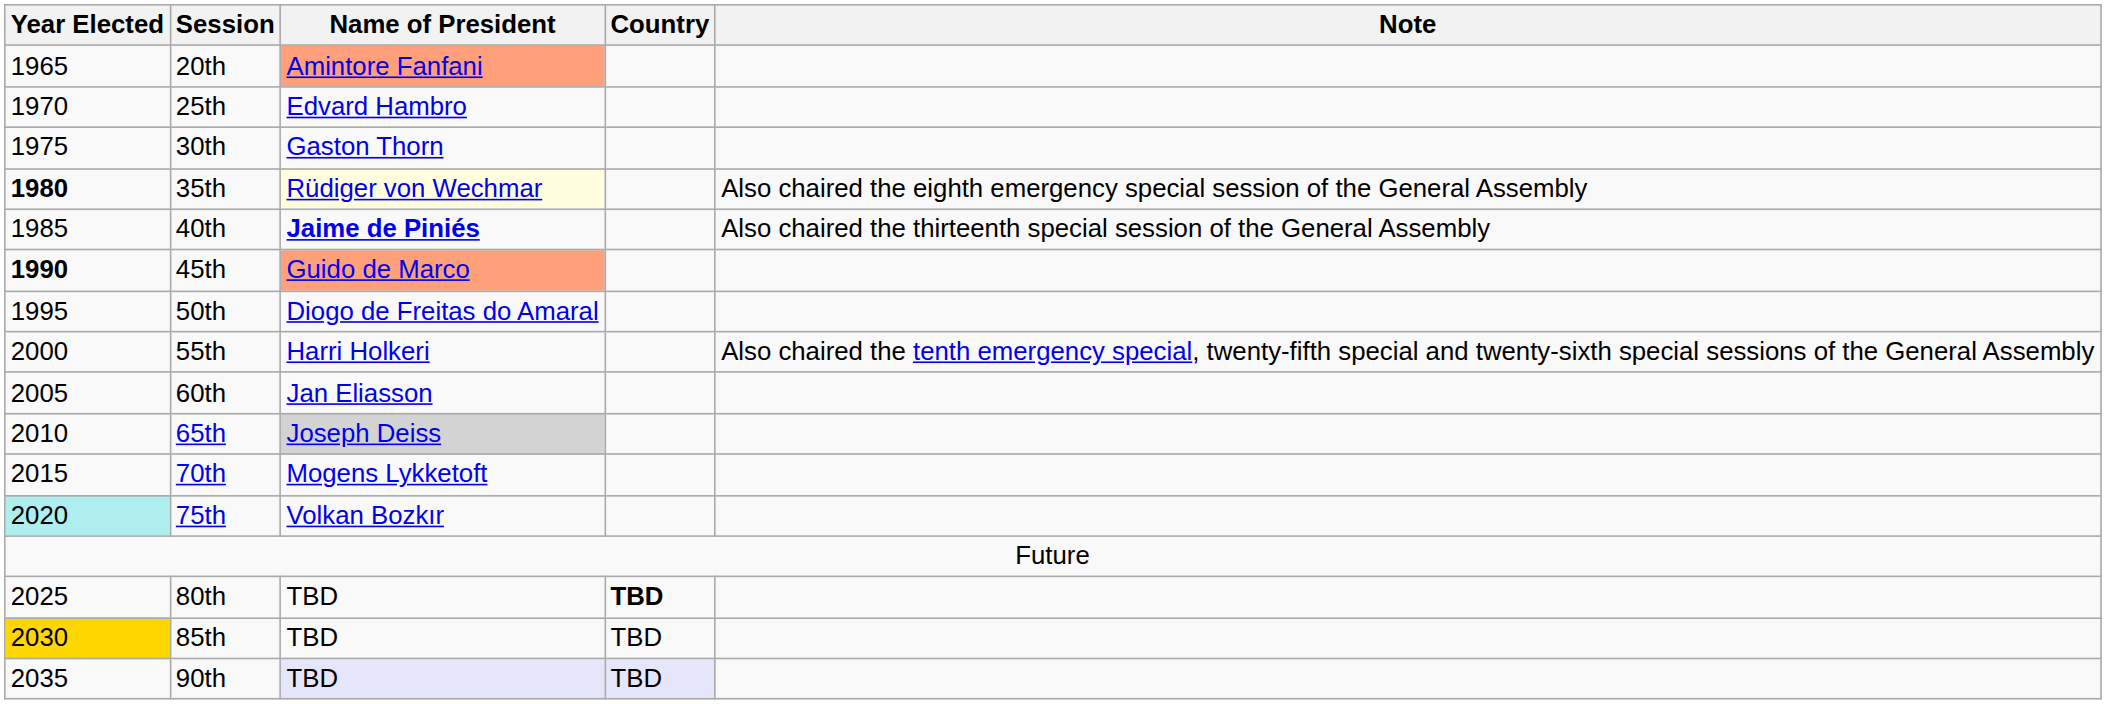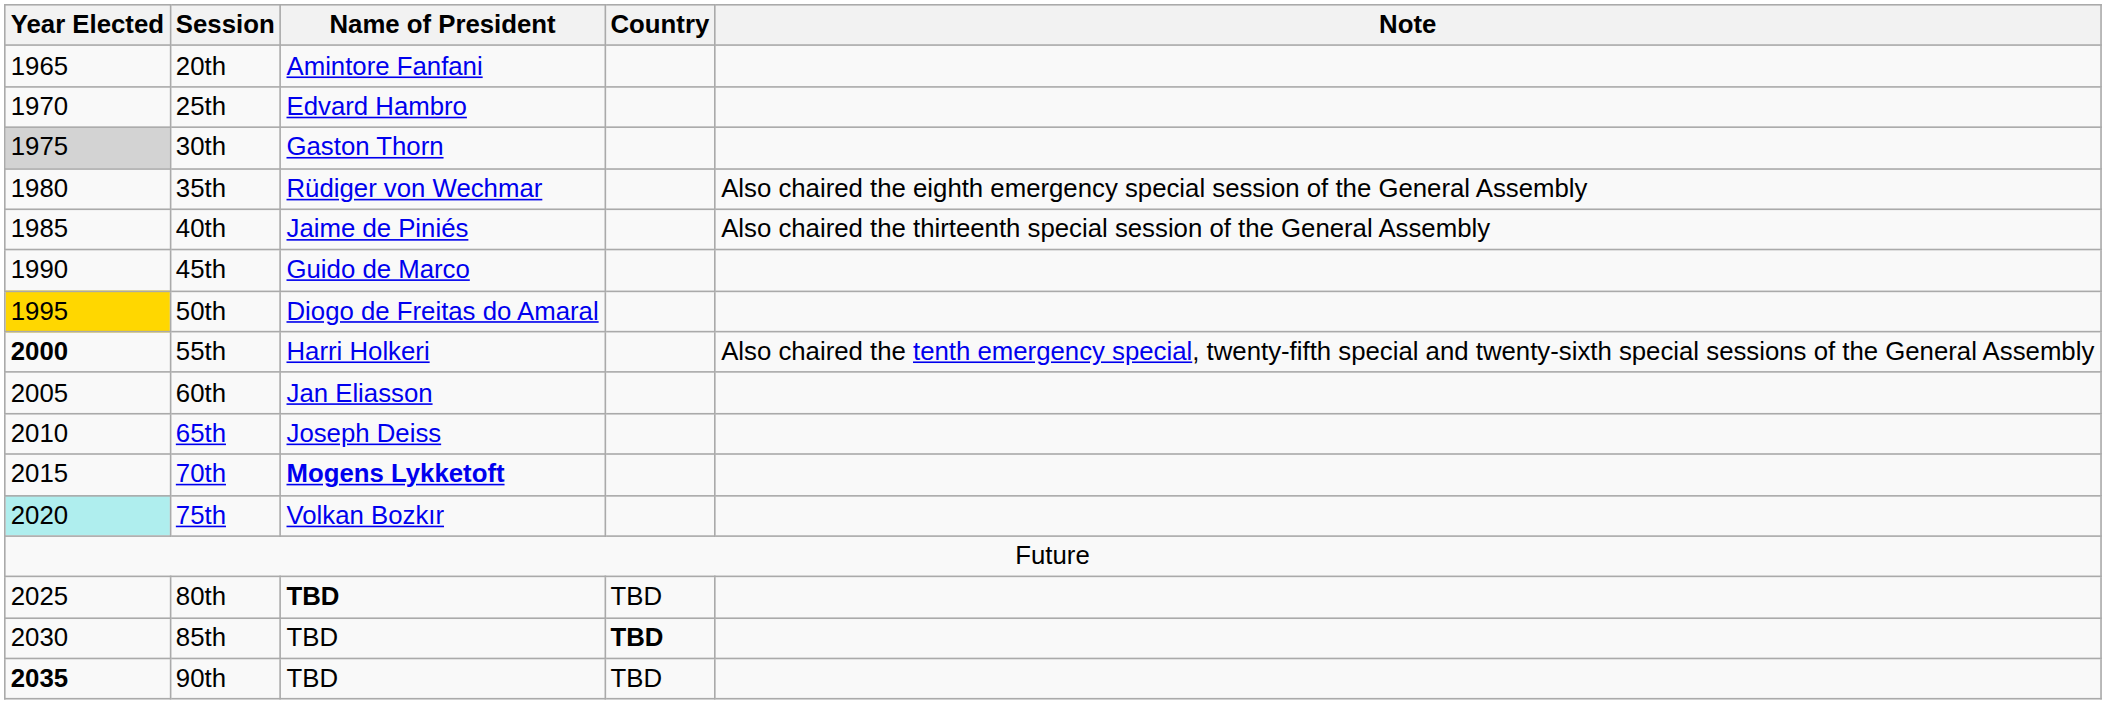 <table class="wikitable sortable">
 <tr>
 <th>Year Elected</th>
 <th>Session</th>
 <th>Name of President</th>
 <th>Country</th>
 <th>Note</th>
 </tr>
 <tr>
 <td>1965</td>
 <td>20th</td>
-<td style="background: lightsalmon;"><a href='#'>Amintore Fanfani</a></td>
+<td><a href='#'>Amintore Fanfani</a></td>
 <td></td>
 <td></td>
 </tr>
 <tr>
 <td>1970</td>
 <td>25th</td>
 <td><a href='#'>Edvard Hambro</a></td>
 <td></td>
 <td></td>
 </tr>
 <tr>
-<td>1975</td>
+<td style="background: lightgrey;">1975</td>
 <td>30th</td>
 <td><a href='#'>Gaston Thorn</a></td>
 <td></td>
 <td></td>
 </tr>
 <tr>
-<td><strong>1980</strong></td>
+<td>1980</td>
 <td>35th</td>
-<td style="background: lightyellow;"><a href='#'>Rüdiger von Wechmar</a></td>
+<td><a href='#'>Rüdiger von Wechmar</a></td>
 <td></td>
 <td>Also chaired the eighth emergency special session of the General Assembly</td>
 </tr>
 <tr>
 <td>1985</td>
 <td>40th</td>
-<td><strong><a href='#'>Jaime de Piniés</a></strong></td>
+<td><a href='#'>Jaime de Piniés</a></td>
 <td></td>
 <td>Also chaired the thirteenth special session of the General Assembly</td>
 </tr>
 <tr>
-<td><strong>1990</strong></td>
+<td>1990</td>
 <td>45th</td>
-<td style="background: lightsalmon;"><a href='#'>Guido de Marco</a></td>
+<td><a href='#'>Guido de Marco</a></td>
 <td></td>
 <td></td>
 </tr>
 <tr>
-<td>1995</td>
+<td style="background: gold;">1995</td>
 <td>50th</td>
 <td><a href='#'>Diogo de Freitas do Amaral</a></td>
 <td></td>
 <td></td>
 </tr>
 <tr>
-<td>2000</td>
+<td><strong>2000</strong></td>
 <td>55th</td>
 <td><a href='#'>Harri Holkeri</a></td>
 <td></td>
 <td>Also chaired the <a href='#'>tenth emergency special</a>, twenty-fifth special and twenty-sixth special sessions of the General Assembly</td>
 </tr>
 <tr>
 <td>2005</td>
 <td>60th</td>
 <td><a href='#'>Jan Eliasson</a></td>
 <td></td>
 <td></td>
 </tr>
 <tr>
 <td>2010</td>
 <td><a href='#'>65th</a></td>
-<td style="background: lightgrey;"><a href='#'>Joseph Deiss</a></td>
+<td><a href='#'>Joseph Deiss</a></td>
 <td></td>
 <td></td>
 </tr>
 <tr>
 <td>2015</td>
 <td><a href='#'>70th</a></td>
-<td><a href='#'>Mogens Lykketoft</a></td>
+<td><strong><a href='#'>Mogens Lykketoft</a></strong></td>
 <td></td>
 <td></td>
 </tr>
 <tr>
 <td style="background: paleturquoise;">2020</td>
 <td><a href='#'>75th</a></td>
 <td><a href='#'>Volkan Bozkır</a></td>
 <td></td>
 <td></td>
 </tr>
 <tr>
 <td colspan="5" style="text-align: center;">Future</td>
 </tr>
 <tr>
 <td>2025</td>
 <td>80th</td>
+<td><strong>TBD</strong></td>
+<td>TBD</td>
+<td></td>
+</tr>
+<tr>
+<td>2030</td>
+<td>85th</td>
 <td>TBD</td>
 <td><strong>TBD</strong></td>
 <td></td>
 </tr>
 <tr>
-<td style="background: gold;">2030</td>
-<td>85th</td>
+<td><strong>2035</strong></td>
+<td>90th</td>
 <td>TBD</td>
 <td>TBD</td>
 <td></td>
 </tr>
-<tr>
-<td>2035</td>
-<td>90th</td>
-<td style="background: lavender;">TBD</td>
-<td style="background: lavender;">TBD</td>
-<td></td>
-</tr>
 </table>
